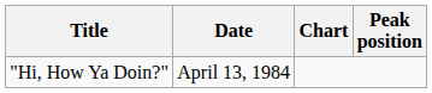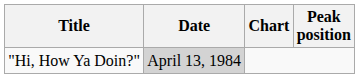 <table class="wikitable">
 <tr>
 <th>Title</th>
 <th>Date</th>
 <th>Chart</th>
 <th>Peak<br>position</th>
 </tr>
 <tr>
 <td>"Hi, How Ya Doin?"</td>
-<td>April 13, 1984<br></td>
+<td style="background: lightgrey;">April 13, 1984<br></td>
 </tr>
 <tr>
 </tr>
 </table>
